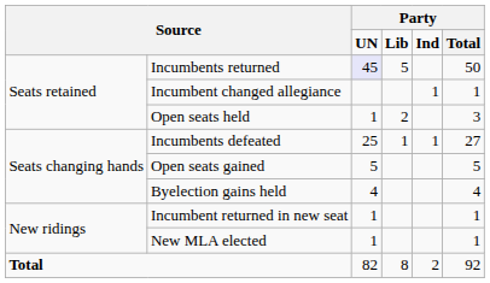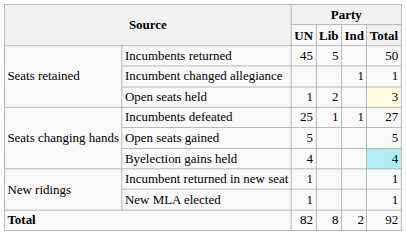 <table class="wikitable" style="text-align:right;">
 <tr>
 <th colspan="2" rowspan="2">Source</th>
 <th colspan="4">Party</th>
 </tr>
 <tr>
 <td><strong>UN</strong></td>
 <td><strong>Lib</strong></td>
 <td><strong>Ind</strong></td>
 <th>Total</th>
 </tr>
 <tr>
 <td rowspan="3" style="text-align:left;">Seats retained</td>
 <td style="text-align:left;">Incumbents returned</td>
-<td style="background: lavender;">45</td>
+<td>45</td>
 <td>5</td>
 <td></td>
 <td>50</td>
 </tr>
 <tr>
 <td style="text-align:left;">Incumbent changed allegiance</td>
 <td></td>
 <td></td>
 <td>1</td>
 <td>1</td>
 </tr>
 <tr>
 <td style="text-align:left;">Open seats held</td>
 <td>1</td>
 <td>2</td>
 <td></td>
-<td>3</td>
+<td style="background: lightyellow;">3</td>
 </tr>
 <tr>
 <td rowspan="3" style="text-align:left;">Seats changing hands</td>
 <td style="text-align:left;">Incumbents defeated</td>
 <td>25</td>
 <td>1</td>
 <td>1</td>
 <td>27</td>
 </tr>
 <tr>
 <td style="text-align:left;">Open seats gained</td>
 <td>5</td>
 <td></td>
 <td></td>
 <td>5</td>
 </tr>
 <tr>
 <td style="text-align:left;">Byelection gains held</td>
 <td>4</td>
 <td></td>
 <td></td>
-<td>4</td>
+<td style="background: paleturquoise;">4</td>
 </tr>
 <tr>
 <td rowspan="2" style="text-align:left;">New ridings</td>
 <td style="text-align:left;">Incumbent returned in new seat</td>
 <td>1</td>
 <td></td>
 <td></td>
 <td>1</td>
 </tr>
 <tr>
 <td style="text-align:left;">New MLA elected</td>
 <td>1</td>
 <td></td>
 <td></td>
 <td>1</td>
 </tr>
 <tr>
 <td colspan="2" style="text-align:left;"><strong>Total</strong></td>
 <td>82</td>
 <td>8</td>
 <td>2</td>
 <td>92</td>
 </tr>
 </table>
